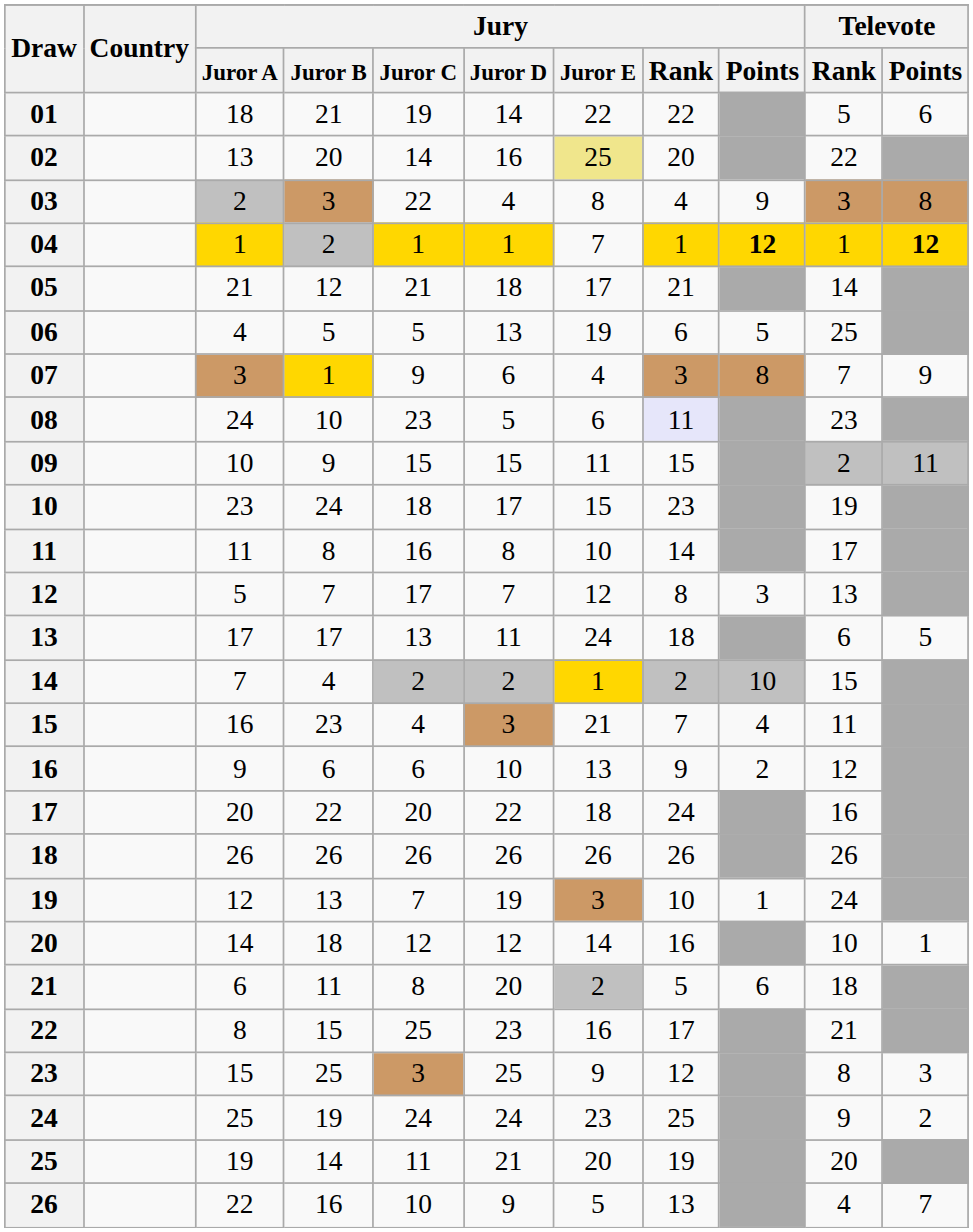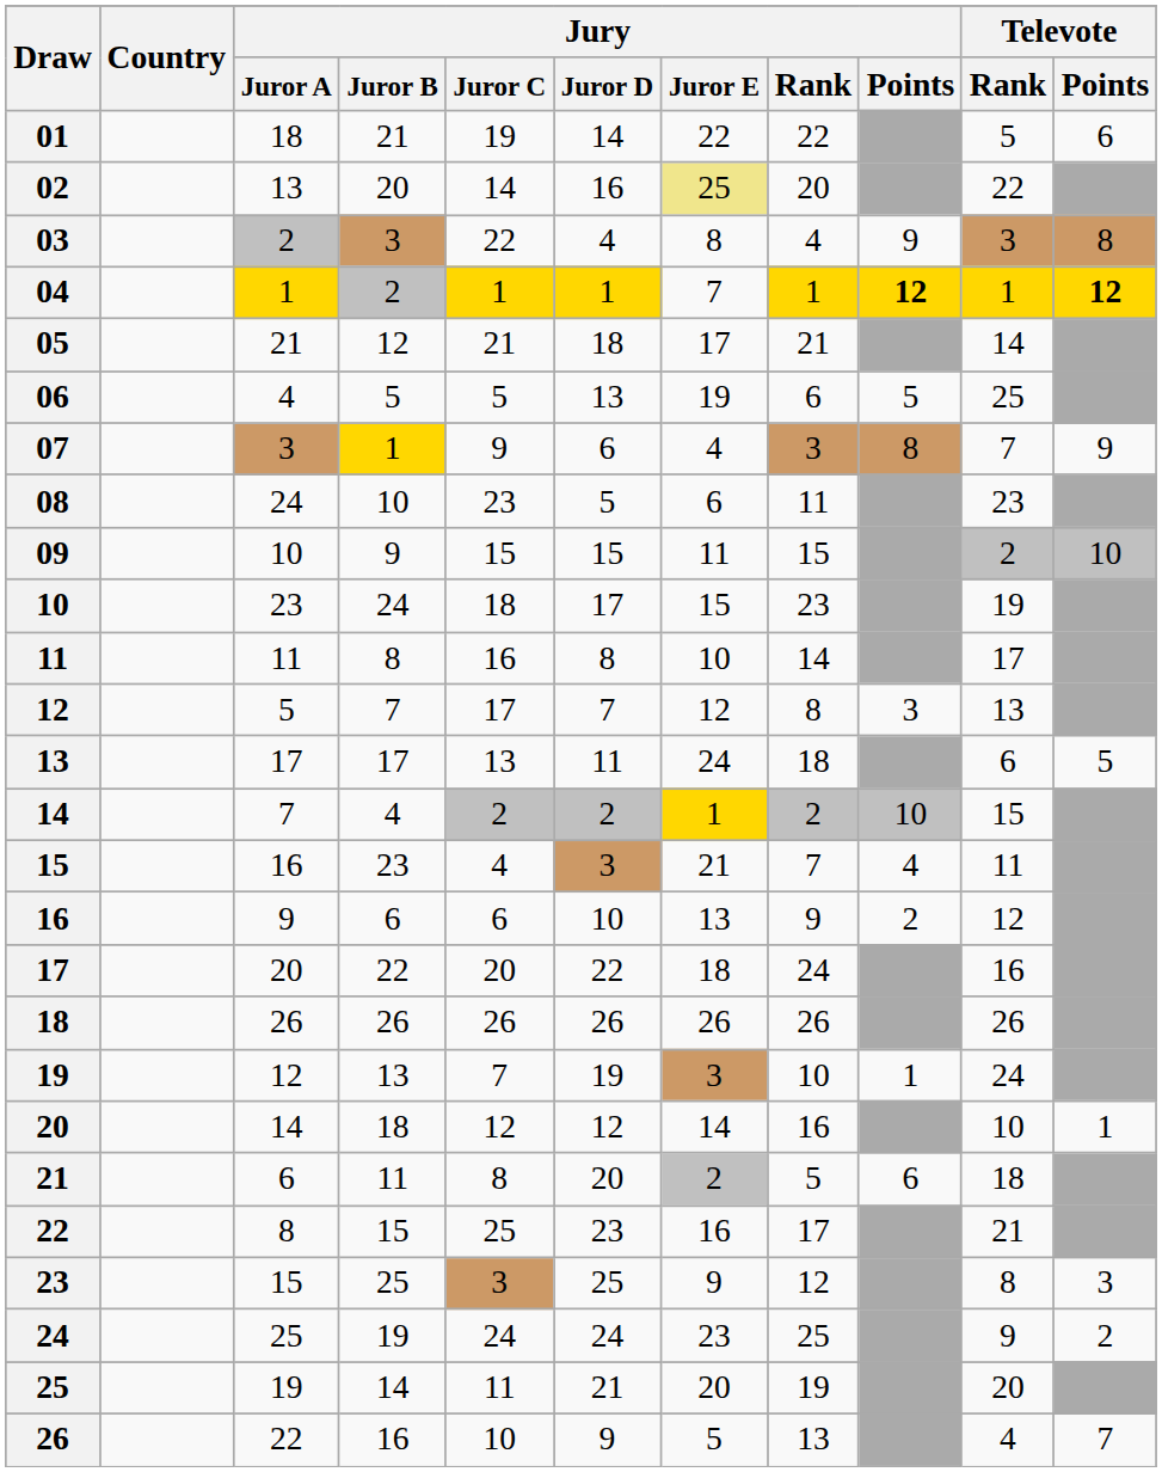 <table class="sortable wikitable collapsible plainrowheaders" style="text-align:center;">
 <tr>
 </tr>
 <tr>
 <th scope="col" rowspan="2">Draw</th>
 <th scope="col" rowspan="2">Country</th>
 <th scope="col" colspan="7">Jury</th>
 <th scope="col" colspan="2">Televote</th>
 </tr>
 <tr>
 <th scope="col"><small>Juror A</small></th>
 <th scope="col"><small>Juror B</small></th>
 <th scope="col"><small>Juror C</small></th>
 <th scope="col"><small>Juror D</small></th>
 <th scope="col"><small>Juror E</small></th>
 <th scope="col">Rank</th>
 <th scope="col" class="unsortable">Points</th>
 <th scope="col">Rank</th>
 <th scope="col" class="unsortable">Points</th>
 </tr>
 <tr>
 <th scope="row" style="text-align:center;">01</th>
 <td style="text-align:left;"></td>
 <td>18</td>
 <td>21</td>
 <td>19</td>
 <td>14</td>
 <td>22</td>
 <td>22</td>
 <td style="background:#AAAAAA;"></td>
 <td>5</td>
 <td>6</td>
 </tr>
 <tr>
 <th scope="row" style="text-align:center;">02</th>
 <td style="text-align:left;"></td>
 <td>13</td>
 <td>20</td>
 <td>14</td>
 <td>16</td>
 <td style="background: khaki;">25</td>
 <td>20</td>
 <td style="background:#AAAAAA;"></td>
 <td>22</td>
 <td style="background:#AAAAAA;"></td>
 </tr>
 <tr>
 <th scope="row" style="text-align:center;">03</th>
 <td style="text-align:left;"></td>
 <td style="background:silver;">2</td>
 <td style="background:#CC9966;">3</td>
 <td>22</td>
 <td>4</td>
 <td>8</td>
 <td>4</td>
 <td>9</td>
 <td style="background:#CC9966;">3</td>
 <td style="background:#CC9966;">8</td>
 </tr>
 <tr>
 <th scope="row" style="text-align:center;">04</th>
 <td style="text-align:left;"></td>
 <td style="background:gold;">1</td>
 <td style="background:silver;">2</td>
 <td style="background:gold;">1</td>
 <td style="background:gold;">1</td>
 <td>7</td>
 <td style="background:gold;">1</td>
 <td style="background:gold;"><strong>12</strong></td>
 <td style="background:gold;">1</td>
 <td style="background:gold;"><strong>12</strong></td>
 </tr>
 <tr>
 <th scope="row" style="text-align:center;">05</th>
 <td style="text-align:left;"></td>
 <td>21</td>
 <td>12</td>
 <td>21</td>
 <td>18</td>
 <td>17</td>
 <td>21</td>
 <td style="background:#AAAAAA;"></td>
 <td>14</td>
 <td style="background:#AAAAAA;"></td>
 </tr>
 <tr>
 <th scope="row" style="text-align:center;">06</th>
 <td style="text-align:left;"></td>
 <td>4</td>
 <td>5</td>
 <td>5</td>
 <td>13</td>
 <td>19</td>
 <td>6</td>
 <td>5</td>
 <td>25</td>
 <td style="background:#AAAAAA;"></td>
 </tr>
 <tr>
 <th scope="row" style="text-align:center;">07</th>
 <td style="text-align:left;"></td>
 <td style="background:#CC9966;">3</td>
 <td style="background:gold;">1</td>
 <td>9</td>
 <td>6</td>
 <td>4</td>
 <td style="background:#CC9966;">3</td>
 <td style="background:#CC9966;">8</td>
 <td>7</td>
 <td>9</td>
 </tr>
 <tr>
 <th scope="row" style="text-align:center;">08</th>
 <td style="text-align:left;"></td>
 <td>24</td>
 <td>10</td>
 <td>23</td>
 <td>5</td>
 <td>6</td>
-<td style="background: lavender;">11</td>
+<td>11</td>
 <td style="background:#AAAAAA;"></td>
 <td>23</td>
 <td style="background:#AAAAAA;"></td>
 </tr>
 <tr>
 <th scope="row" style="text-align:center;">09</th>
 <td style="text-align:left;"></td>
 <td>10</td>
 <td>9</td>
 <td>15</td>
 <td>15</td>
 <td>11</td>
 <td>15</td>
 <td style="background:#AAAAAA;"></td>
 <td style="background:silver;">2</td>
-<td style="background:silver;">11</td>
+<td style="background:silver;">10</td>
 </tr>
 <tr>
 <th scope="row" style="text-align:center;">10</th>
 <td style="text-align:left;"></td>
 <td>23</td>
 <td>24</td>
 <td>18</td>
 <td>17</td>
 <td>15</td>
 <td>23</td>
 <td style="background:#AAAAAA;"></td>
 <td>19</td>
 <td style="background:#AAAAAA;"></td>
 </tr>
 <tr>
 <th scope="row" style="text-align:center;">11</th>
 <td style="text-align:left;"></td>
 <td>11</td>
 <td>8</td>
 <td>16</td>
 <td>8</td>
 <td>10</td>
 <td>14</td>
 <td style="background:#AAAAAA;"></td>
 <td>17</td>
 <td style="background:#AAAAAA;"></td>
 </tr>
 <tr>
 <th scope="row" style="text-align:center;">12</th>
 <td style="text-align:left;"></td>
 <td>5</td>
 <td>7</td>
 <td>17</td>
 <td>7</td>
 <td>12</td>
 <td>8</td>
 <td>3</td>
 <td>13</td>
 <td style="background:#AAAAAA;"></td>
 </tr>
 <tr>
 <th scope="row" style="text-align:center;">13</th>
 <td style="text-align:left;"></td>
 <td>17</td>
 <td>17</td>
 <td>13</td>
 <td>11</td>
 <td>24</td>
 <td>18</td>
 <td style="background:#AAAAAA;"></td>
 <td>6</td>
 <td>5</td>
 </tr>
 <tr>
 <th scope="row" style="text-align:center;">14</th>
 <td style="text-align:left;"></td>
 <td>7</td>
 <td>4</td>
 <td style="background:silver;">2</td>
 <td style="background:silver;">2</td>
 <td style="background:gold;">1</td>
 <td style="background:silver;">2</td>
 <td style="background:silver;">10</td>
 <td>15</td>
 <td style="background:#AAAAAA;"></td>
 </tr>
 <tr>
 <th scope="row" style="text-align:center;">15</th>
 <td style="text-align:left;"></td>
 <td>16</td>
 <td>23</td>
 <td>4</td>
 <td style="background:#CC9966;">3</td>
 <td>21</td>
 <td>7</td>
 <td>4</td>
 <td>11</td>
 <td style="background:#AAAAAA;"></td>
 </tr>
 <tr>
 <th scope="row" style="text-align:center;">16</th>
 <td style="text-align:left;"></td>
 <td>9</td>
 <td>6</td>
 <td>6</td>
 <td>10</td>
 <td>13</td>
 <td>9</td>
 <td>2</td>
 <td>12</td>
 <td style="background:#AAAAAA;"></td>
 </tr>
 <tr>
 <th scope="row" style="text-align:center;">17</th>
 <td style="text-align:left;"></td>
 <td>20</td>
 <td>22</td>
 <td>20</td>
 <td>22</td>
 <td>18</td>
 <td>24</td>
 <td style="background:#AAAAAA;"></td>
 <td>16</td>
 <td style="background:#AAAAAA;"></td>
 </tr>
 <tr>
 <th scope="row" style="text-align:center;">18</th>
 <td style="text-align:left;"></td>
 <td>26</td>
 <td>26</td>
 <td>26</td>
 <td>26</td>
 <td>26</td>
 <td>26</td>
 <td style="background:#AAAAAA;"></td>
 <td>26</td>
 <td style="background:#AAAAAA;"></td>
 </tr>
 <tr>
 <th scope="row" style="text-align:center;">19</th>
 <td style="text-align:left;"></td>
 <td>12</td>
 <td>13</td>
 <td>7</td>
 <td>19</td>
 <td style="background:#CC9966;">3</td>
 <td>10</td>
 <td>1</td>
 <td>24</td>
 <td style="background:#AAAAAA;"></td>
 </tr>
 <tr>
 <th scope="row" style="text-align:center;">20</th>
 <td style="text-align:left;"></td>
 <td>14</td>
 <td>18</td>
 <td>12</td>
 <td>12</td>
 <td>14</td>
 <td>16</td>
 <td style="background:#AAAAAA;"></td>
 <td>10</td>
 <td>1</td>
 </tr>
 <tr>
 <th scope="row" style="text-align:center;">21</th>
 <td style="text-align:left;"></td>
 <td>6</td>
 <td>11</td>
 <td>8</td>
 <td>20</td>
 <td style="background:silver;">2</td>
 <td>5</td>
 <td>6</td>
 <td>18</td>
 <td style="background:#AAAAAA;"></td>
 </tr>
 <tr>
 <th scope="row" style="text-align:center;">22</th>
 <td style="text-align:left;"></td>
 <td>8</td>
 <td>15</td>
 <td>25</td>
 <td>23</td>
 <td>16</td>
 <td>17</td>
 <td style="background:#AAAAAA;"></td>
 <td>21</td>
 <td style="background:#AAAAAA;"></td>
 </tr>
 <tr>
 <th scope="row" style="text-align:center;">23</th>
 <td style="text-align:left;"></td>
 <td>15</td>
 <td>25</td>
 <td style="background:#CC9966;">3</td>
 <td>25</td>
 <td>9</td>
 <td>12</td>
 <td style="background:#AAAAAA;"></td>
 <td>8</td>
 <td>3</td>
 </tr>
 <tr>
 <th scope="row" style="text-align:center;">24</th>
 <td style="text-align:left;"></td>
 <td>25</td>
 <td>19</td>
 <td>24</td>
 <td>24</td>
 <td>23</td>
 <td>25</td>
 <td style="background:#AAAAAA;"></td>
 <td>9</td>
 <td>2</td>
 </tr>
 <tr>
 <th scope="row" style="text-align:center;">25</th>
 <td style="text-align:left;"></td>
 <td>19</td>
 <td>14</td>
 <td>11</td>
 <td>21</td>
 <td>20</td>
 <td>19</td>
 <td style="background:#AAAAAA;"></td>
 <td>20</td>
 <td style="background:#AAAAAA;"></td>
 </tr>
 <tr>
 <th scope="row" style="text-align:center;">26</th>
 <td style="text-align:left;"></td>
 <td>22</td>
 <td>16</td>
 <td>10</td>
 <td>9</td>
 <td>5</td>
 <td>13</td>
 <td style="background:#AAAAAA;"></td>
 <td>4</td>
 <td>7</td>
 </tr>
 </table>
